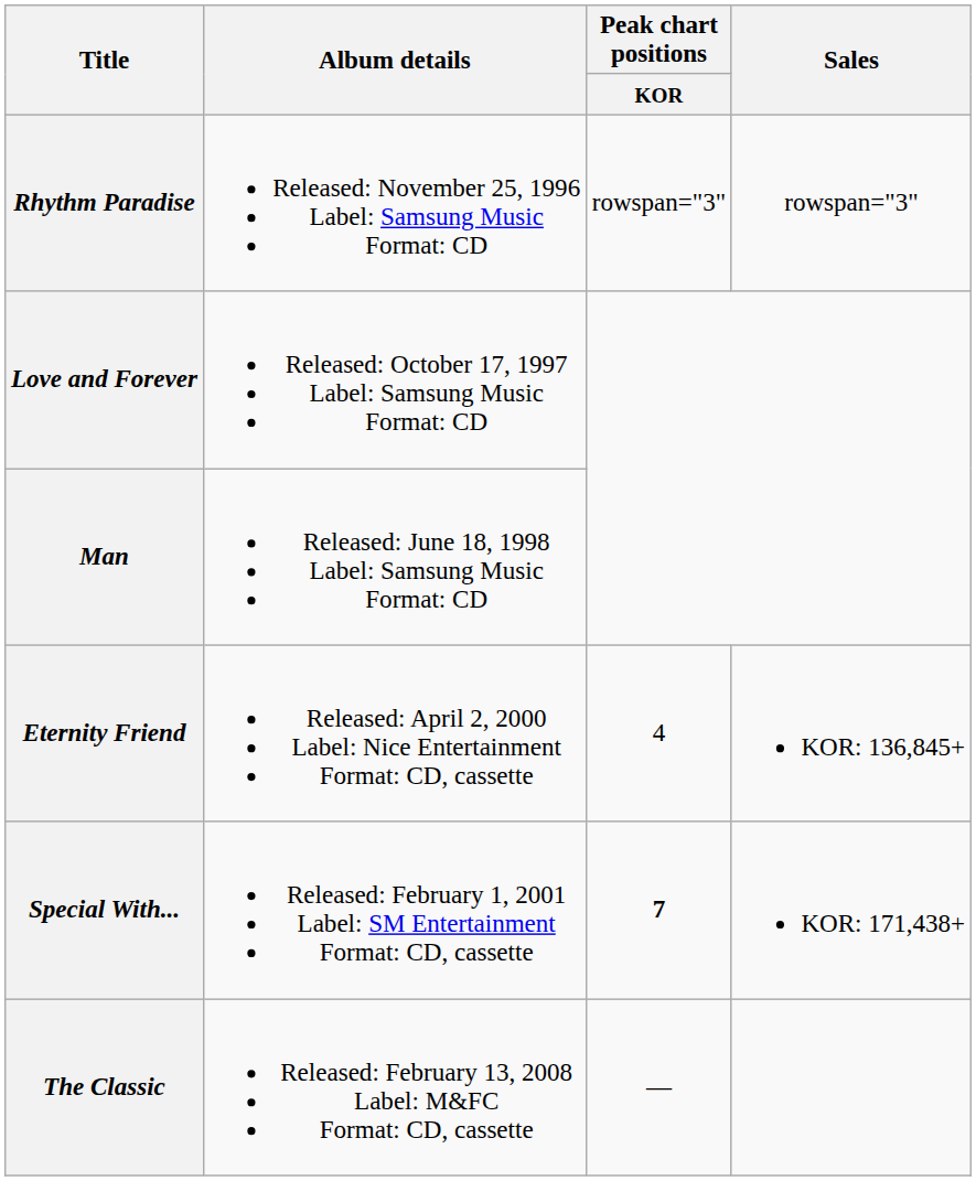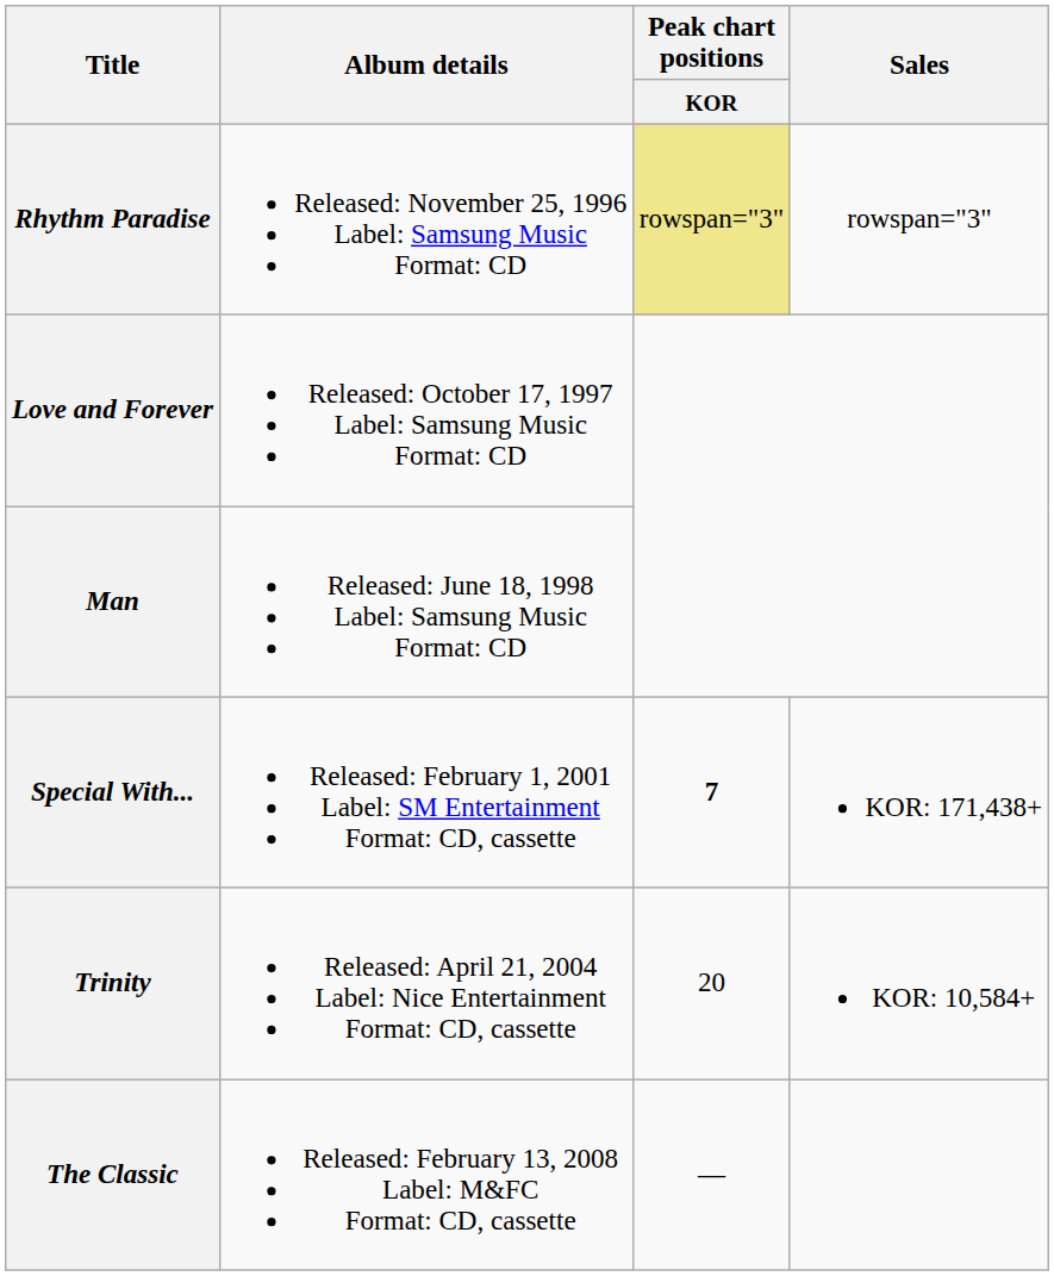 <table class="wikitable plainrowheaders" style="text-align:center;">
 <tr>
 <th scope="col" rowspan="2">Title</th>
 <th scope="col" rowspan="2">Album details</th>
 <th scope="col" colspan="1" style="width:5em;">Peak chart positions</th>
 <th scope="col" rowspan="2">Sales</th>
 </tr>
 <tr>
 <th><small>KOR</small><br></th>
 </tr>
 <tr>
 <th scope="row"><em>Rhythm Paradise</em></th>
 <td><br><ul><li>Released: November 25, 1996</li><li>Label: <a href='#'>Samsung Music</a></li><li>Format: CD</li></ul></td>
-<td>rowspan="3" </td>
+<td style="background: khaki;">rowspan="3" </td>
 <td>rowspan="3" </td>
 </tr>
 <tr>
 <th scope="row"><em>Love and Forever</em></th>
 <td><br><ul><li>Released: October 17, 1997</li><li>Label: Samsung Music</li><li>Format: CD</li></ul></td>
 </tr>
 <tr>
 <th scope="row"><em>Man</em></th>
 <td><br><ul><li>Released: June 18, 1998</li><li>Label: Samsung Music</li><li>Format: CD</li></ul></td>
 </tr>
 <tr>
-<th scope="row"><em>Eternity Friend</em></th>
-<td><br><ul><li>Released: April 2, 2000</li><li>Label: Nice Entertainment</li><li>Format: CD, cassette</li></ul></td>
-<td>4</td>
-<td><br><ul><li>KOR: 136,845+</li></ul></td>
-</tr>
-<tr>
 <th scope="row"><em>Special With...</em></th>
 <td><br><ul><li>Released: February 1, 2001</li><li>Label: <a href='#'>SM Entertainment</a></li><li>Format: CD, cassette</li></ul></td>
 <td><strong>7</strong></td>
 <td><br><ul><li>KOR: 171,438+</li></ul></td>
+</tr>
+<tr>
+<th scope="row"><em>Trinity</em></th>
+<td><br><ul><li>Released: April 21, 2004</li><li>Label: Nice Entertainment</li><li>Format: CD, cassette</li></ul></td>
+<td>20</td>
+<td><br><ul><li>KOR: 10,584+</li></ul></td>
 </tr>
 <tr>
 <th scope="row"><em>The Classic</em></th>
 <td><br><ul><li>Released: February 13, 2008</li><li>Label: M&FC</li><li>Format: CD, cassette</li></ul></td>
 <td>—</td>
 <td></td>
 </tr>
 </table>
